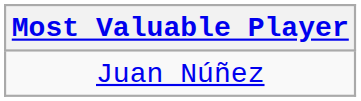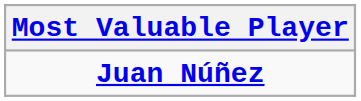 <table class=wikitable style="text-align:center">
 <tr>
 <th><a href='#'>Most Valuable Player</a></th>
 </tr>
 <tr>
-<td> <a href='#'>Juan Núñez</a></td>
+<td><strong> <a href='#'>Juan Núñez</a></strong></td>
 </tr>
 </table>
